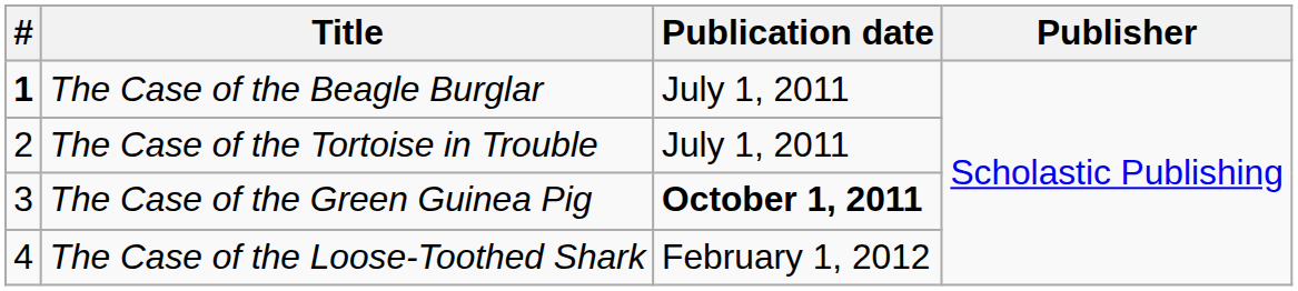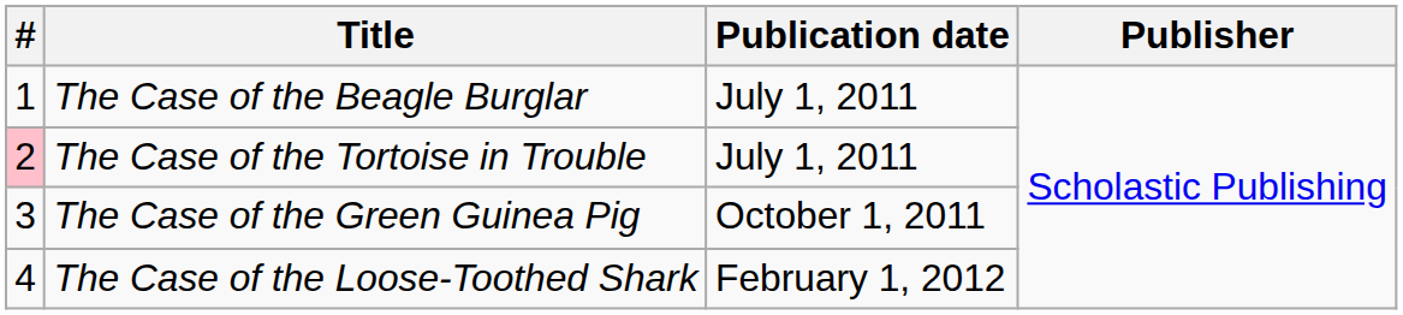 <table class="wikitable sortable">
 <tr>
 <th>#</th>
 <th>Title</th>
 <th>Publication date</th>
 <th>Publisher</th>
 </tr>
 <tr>
-<td><strong>1</strong></td>
+<td>1</td>
 <td><em>The Case of the Beagle Burglar</em></td>
 <td>July 1, 2011</td>
 <td rowspan="4"><a href='#'>Scholastic Publishing</a></td>
 </tr>
 <tr>
-<td>2</td>
+<td style="background: pink;">2</td>
 <td><em>The Case of the Tortoise in Trouble</em></td>
 <td>July 1, 2011</td>
 </tr>
 <tr>
 <td>3</td>
 <td><em>The Case of the Green Guinea Pig</em></td>
-<td><strong>October 1, 2011</strong></td>
+<td>October 1, 2011</td>
 </tr>
 <tr>
 <td>4</td>
 <td><em>The Case of the Loose-Toothed Shark</em></td>
 <td>February 1, 2012</td>
 </tr>
 </table>
